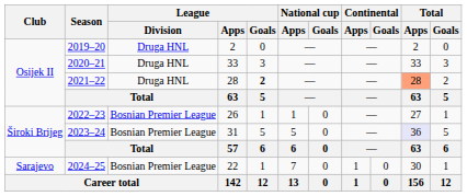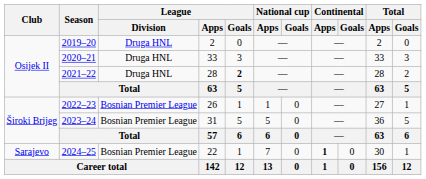 <table class="wikitable" style="text-align:center">
 <tr>
 <th rowspan=2>Club</th>
 <th rowspan=2>Season</th>
 <th colspan=3>League</th>
 <th colspan=2>National cup</th>
 <th colspan=2>Continental</th>
 <th colspan=2>Total</th>
 </tr>
 <tr>
 <th>Division</th>
 <th>Apps</th>
 <th>Goals</th>
 <th>Apps</th>
 <th>Goals</th>
 <th>Apps</th>
 <th>Goals</th>
 <th>Apps</th>
 <th>Goals</th>
 </tr>
 <tr>
 <td rowspan=4><a href='#'>Osijek II</a></td>
 <td><a href='#'>2019–20</a></td>
 <td><a href='#'>Druga HNL</a></td>
 <td>2</td>
 <td>0</td>
 <td colspan=2>—</td>
 <td colspan=2>—</td>
 <td>2</td>
 <td>0</td>
 </tr>
 <tr>
 <td><a href='#'>2020–21</a></td>
 <td>Druga HNL</td>
 <td>33</td>
 <td>3</td>
 <td colspan=2>—</td>
 <td colspan=2>—</td>
 <td>33</td>
 <td>3</td>
 </tr>
 <tr>
 <td><a href='#'>2021–22</a></td>
 <td>Druga HNL</td>
 <td>28</td>
 <td><strong>2</strong></td>
 <td colspan=2>—</td>
 <td colspan=2>—</td>
-<td style="background: lightsalmon;">28</td>
+<td>28</td>
 <td>2</td>
 </tr>
 <tr>
 <th colspan=2>Total</th>
 <th>63</th>
 <th>5</th>
 <th colspan=2>—</th>
 <th colspan=2>—</th>
 <th>63</th>
 <th>5</th>
 </tr>
 <tr>
 <td rowspan=3><a href='#'>Široki Brijeg</a></td>
 <td><a href='#'>2022–23</a></td>
 <td><a href='#'>Bosnian Premier League</a></td>
 <td>26</td>
 <td>1</td>
 <td>1</td>
 <td>0</td>
 <td colspan=2>—</td>
 <td>27</td>
 <td>1</td>
 </tr>
 <tr>
 <td><a href='#'>2023–24</a></td>
 <td>Bosnian Premier League</td>
 <td>31</td>
 <td>5</td>
 <td>5</td>
 <td>0</td>
 <td colspan=2>—</td>
-<td style="background: lavender;">36</td>
+<td>36</td>
 <td>5</td>
 </tr>
 <tr>
 <th colspan=2>Total</th>
 <th>57</th>
 <th>6</th>
 <th>6</th>
 <th>0</th>
 <th colspan=2>—</th>
 <th>63</th>
 <th>6</th>
 </tr>
 <tr>
 <td><a href='#'>Sarajevo</a></td>
 <td><a href='#'>2024–25</a></td>
 <td>Bosnian Premier League</td>
 <td>22</td>
 <td>1</td>
 <td>7</td>
 <td>0</td>
-<td>1</td>
+<td><strong>1</strong></td>
 <td>0</td>
 <td>30</td>
 <td>1</td>
 </tr>
 <tr>
 <th colspan=3>Career total</th>
 <th>142</th>
 <th>12</th>
 <th>13</th>
 <th>0</th>
 <th>1</th>
 <th>0</th>
 <th>156</th>
 <th>12</th>
 </tr>
 </table>
